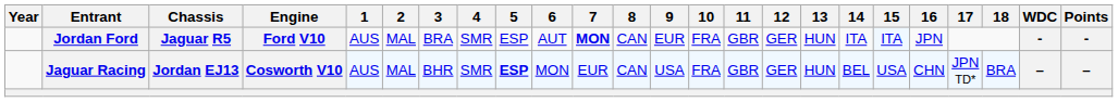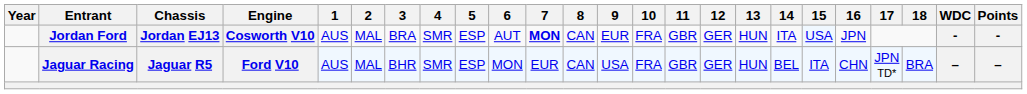 <table class="wikitable" style="text-align:center; font-size:85%">
 <tr>
 <th>Year</th>
 <th>Entrant</th>
 <th>Chassis</th>
 <th>Engine</th>
 <th>1</th>
 <th>2</th>
 <th>3</th>
 <th>4</th>
 <th>5</th>
 <th>6</th>
 <th>7</th>
 <th>8</th>
 <th>9</th>
 <th>10</th>
 <th>11</th>
 <th>12</th>
 <th>13</th>
 <th>14</th>
 <th>15</th>
 <th>16</th>
 <th>17</th>
 <th>18</th>
 <th>WDC</th>
 <th>Points</th>
 </tr>
 <tr>
 <td></td>
 <th nowrap><a href='#'>Jordan Ford</a></th>
-<th nowrap><a href='#'>Jaguar</a> <a href='#'>R5</a></th>
-<th nowrap><a href='#'>Ford</a> <a href='#'>V10</a></th>
+<th nowrap><a href='#'>Jordan</a> <a href='#'>EJ13</a></th>
+<th nowrap><a href='#'>Cosworth</a> <a href='#'>V10</a></th>
 <td><a href='#'>AUS</a></td>
 <td><a href='#'>MAL</a></td>
 <td><a href='#'>BRA</a></td>
 <td><a href='#'>SMR</a></td>
 <td><a href='#'>ESP</a></td>
 <td><a href='#'>AUT</a></td>
 <td><strong><a href='#'>MON</a></strong></td>
 <td><a href='#'>CAN</a></td>
 <td><a href='#'>EUR</a></td>
 <td><a href='#'>FRA</a></td>
 <td><a href='#'>GBR</a></td>
 <td><a href='#'>GER</a></td>
 <td><a href='#'>HUN</a></td>
 <td><a href='#'>ITA</a></td>
-<td style="background:#F0F8FF;"><a href='#'>ITA</a><br></td>
+<td style="background:#F0F8FF;"><a href='#'>USA</a><br></td>
 <td><a href='#'>JPN</a></td>
 <td colspan=2></td>
 <th>-</th>
 <th>-</th>
 </tr>
 <tr>
 <td></td>
 <th nowrap><a href='#'>Jaguar Racing</a></th>
-<th nowrap><a href='#'>Jordan</a> <a href='#'>EJ13</a></th>
-<th nowrap><a href='#'>Cosworth</a> <a href='#'>V10</a></th>
+<th nowrap><a href='#'>Jaguar</a> <a href='#'>R5</a></th>
+<th nowrap><a href='#'>Ford</a> <a href='#'>V10</a></th>
 <td style="background:#F0F8FF;"><a href='#'>AUS</a><br></td>
 <td style="background:#F0F8FF;"><a href='#'>MAL</a><br></td>
 <td style="background:#F0F8FF;"><a href='#'>BHR</a><br></td>
 <td style="background:#F0F8FF;"><a href='#'>SMR</a><br></td>
-<td style="background:#F0F8FF;"><strong><a href='#'>ESP</a><br></strong></td>
+<td style="background:#F0F8FF;"><a href='#'>ESP</a><br></td>
 <td style="background:#F0F8FF;"><a href='#'>MON</a><br></td>
 <td style="background:#F0F8FF;"><a href='#'>EUR</a><br></td>
 <td style="background:#F0F8FF;"><a href='#'>CAN</a><br></td>
 <td style="background:#F0F8FF;"><a href='#'>USA</a><br></td>
 <td style="background:#F0F8FF;"><a href='#'>FRA</a><br></td>
 <td style="background:#F0F8FF;"><a href='#'>GBR</a><br></td>
 <td style="background:#F0F8FF;"><a href='#'>GER</a><br></td>
 <td style="background:#F0F8FF;"><a href='#'>HUN</a><br></td>
 <td style="background:#F0F8FF;"><a href='#'>BEL</a><br></td>
-<td style="background:#F0F8FF;"><a href='#'>USA</a><br></td>
+<td style="background:#F0F8FF;"><a href='#'>ITA</a><br></td>
 <td style="background:#F0F8FF;"><a href='#'>CHN</a><br></td>
 <td style="background:#F0F8FF;"><a href='#'>JPN</a><br><small>TD*</small></td>
 <td style="background:#F0F8FF;"><a href='#'>BRA</a><br></td>
 <th>–</th>
 <th>–</th>
 </tr>
 <tr>
 <th colspan="24"></th>
 </tr>
 </table>
